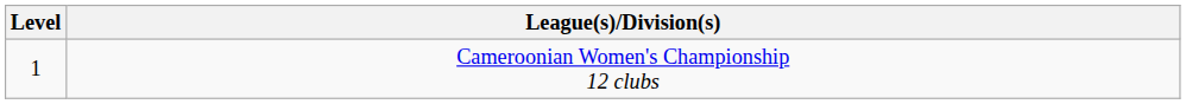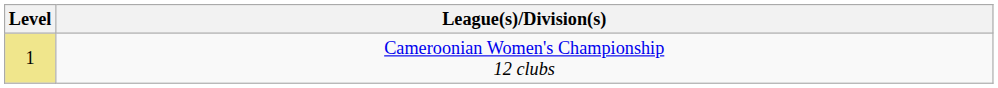 <table class="wikitable" style="text-align: center;">
 <tr>
 <th width="4%">Level</th>
 <th colspan="8" width="96%">League(s)/Division(s)</th>
 </tr>
 <tr>
-<td width="4%">1</td>
+<td width="4%" style="background: khaki;">1</td>
 <td colspan="8" width="96%"><a href='#'>Cameroonian Women's Championship</a><br><em>12 clubs</em></td>
 </tr>
 </table>
